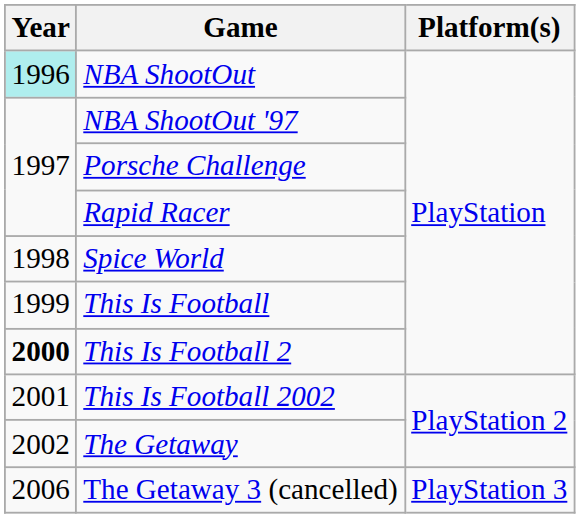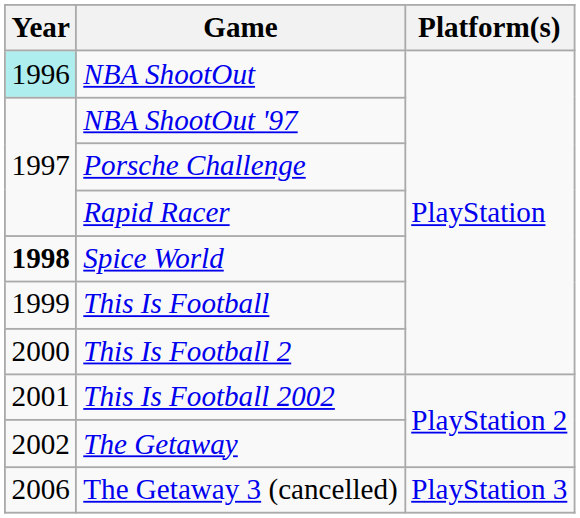 <table class="wikitable sortable">
 <tr>
 <th>Year</th>
 <th>Game</th>
 <th>Platform(s)</th>
 </tr>
 <tr>
 <td style="background: paleturquoise;">1996</td>
 <td><em><a href='#'>NBA ShootOut</a></em></td>
 <td rowspan="7"><a href='#'>PlayStation</a></td>
 </tr>
 <tr>
 <td rowspan="3">1997</td>
 <td><em><a href='#'>NBA ShootOut '97</a></em></td>
 </tr>
 <tr>
 <td><em><a href='#'>Porsche Challenge</a></em></td>
 </tr>
 <tr>
 <td><em><a href='#'>Rapid Racer</a></em></td>
 </tr>
 <tr>
-<td>1998</td>
+<td><strong>1998</strong></td>
 <td><em><a href='#'>Spice World</a></em></td>
 </tr>
 <tr>
 <td>1999</td>
 <td><em><a href='#'>This Is Football</a></em></td>
 </tr>
 <tr>
-<td><strong>2000</strong></td>
+<td>2000</td>
 <td><em><a href='#'>This Is Football 2</a></em></td>
 </tr>
 <tr>
 <td>2001</td>
 <td><em><a href='#'>This Is Football 2002</a></em></td>
 <td rowspan="2"><a href='#'>PlayStation 2</a></td>
 </tr>
 <tr>
 <td>2002</td>
 <td><em><a href='#'>The Getaway</a></em></td>
 </tr>
 <tr>
 <td>2006</td>
 <td><a href='#'>The Getaway 3</a> (cancelled)</td>
 <td><a href='#'>PlayStation 3</a></td>
 </tr>
 </table>
